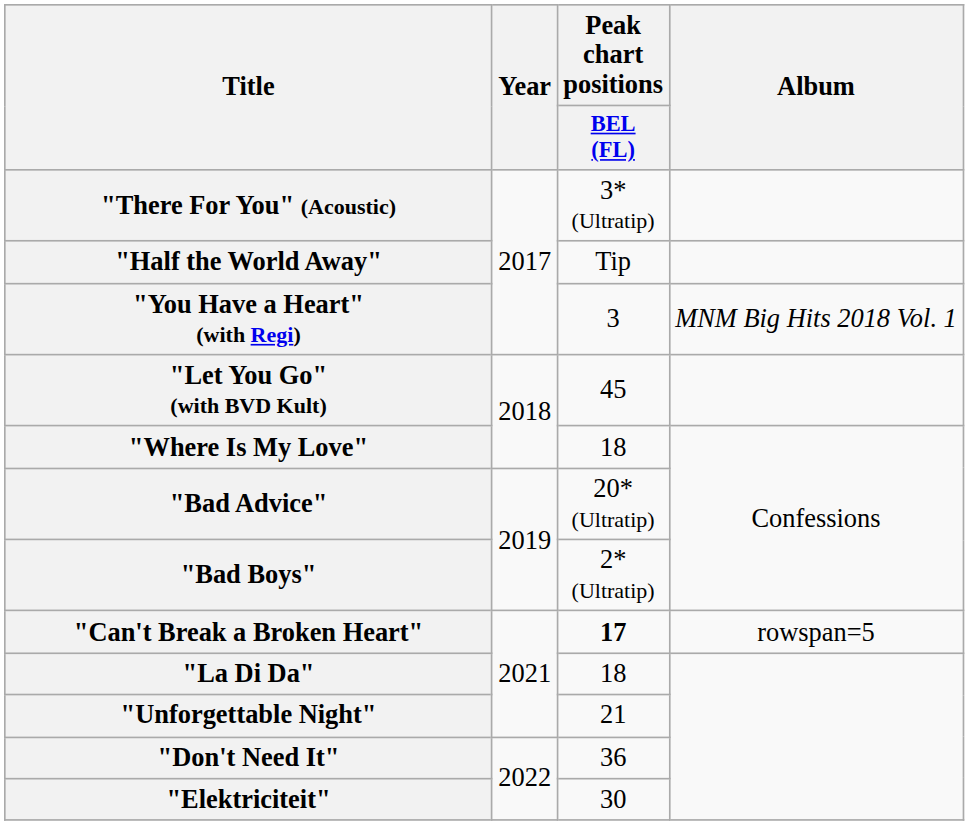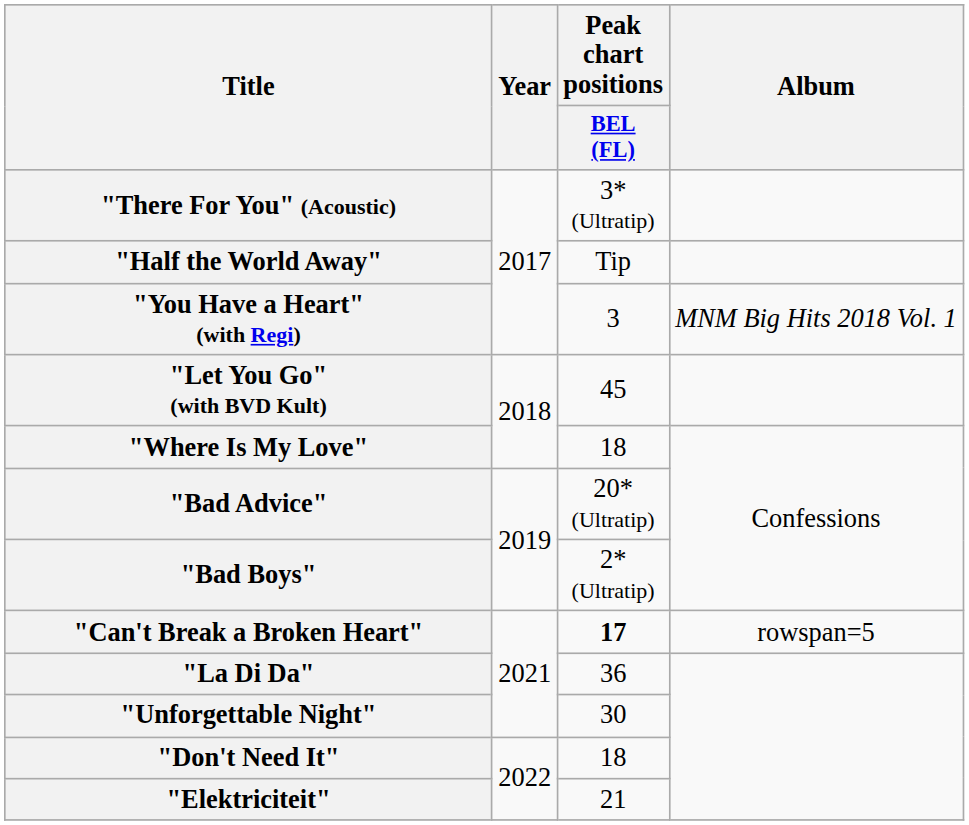 <table class="wikitable plainrowheaders" style="text-align:center;">
 <tr>
 <th scope="col" rowspan="2" style="width:18em;">Title</th>
 <th scope="col" rowspan="2" style="width:1em;">Year</th>
 <th scope="col" colspan="1">Peak chart positions</th>
 <th scope="col" rowspan="2">Album</th>
 </tr>
 <tr>
 <th scope="col" style="width:3em;font-size:85%;"><a href='#'>BEL<br>(FL)</a><br></th>
 </tr>
 <tr>
 <th scope="row">"There For You" <small>(Acoustic)</small></th>
 <td rowspan=3>2017</td>
 <td>3*<br><small>(Ultratip)</small></td>
 <td></td>
 </tr>
 <tr>
 <th scope="row">"Half the World Away"</th>
 <td>Tip</td>
 <td></td>
 </tr>
 <tr>
 <th scope="row">"You Have a Heart"<br><small>(with <a href='#'>Regi</a>)</small></th>
 <td>3</td>
 <td><em>MNM Big Hits 2018 Vol. 1<strong></td>
 </tr>
 <tr>
 <th scope="row">"Let You Go" <br><small>(with BVD Kult)</small></th>
 <td rowspan=2>2018</td>
 <td>45</td>
 <td></td>
 </tr>
 <tr>
 <th scope="row">"Where Is My Love"</th>
 <td>18</td>
 <td rowspan=3></em>Confessions<em></td>
 </tr>
 <tr>
 <th scope="row">"Bad Advice"</th>
 <td rowspan=2>2019</td>
 <td>20*<br><small>(Ultratip)</small></td>
 </tr>
 <tr>
 <th scope="row">"Bad Boys"</th>
 <td>2*<br><small>(Ultratip)</small></td>
 </tr>
 <tr>
 <th scope="row">"Can't Break a Broken Heart"</th>
 <td rowspan="3">2021</td>
 <td><strong>17</strong></td>
 <td>rowspan=5 </td>
 </tr>
 <tr>
 <th scope="row">"La Di Da"</th>
-<td>18</td>
+<td>36</td>
 </tr>
 <tr>
 <th scope="row">"Unforgettable Night"</th>
-<td>21</td>
+<td>30</td>
 </tr>
 <tr>
 <th scope="row">"Don't Need It"</th>
 <td rowspan="2">2022</td>
-<td>36</td>
+<td>18</td>
 </tr>
 <tr>
 <th scope="row">"Elektriciteit"<br></th>
-<td>30</td>
+<td>21</td>
 </tr>
 </table>
